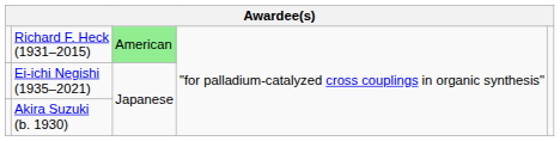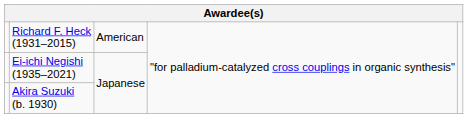 <table class="wikitable">
 <tr>
 <th colspan="5">Awardee(s)</th>
 </tr>
 <tr>
 <td></td>
 <td><a href='#'>Richard F. Heck</a><br>(1931–2015)</td>
-<td style="background: lightgreen;"> American</td>
+<td> American</td>
 <td rowspan="3">"for palladium-catalyzed <a href='#'>cross couplings</a> in organic synthesis"</td>
 <td rowspan="3"></td>
 </tr>
 <tr>
 <td></td>
 <td><a href='#'>Ei-ichi Negishi</a><br>(1935–2021)</td>
 <td rowspan="2"> Japanese</td>
 </tr>
 <tr>
 <td></td>
 <td><a href='#'>Akira Suzuki</a><br>(b. 1930)</td>
 </tr>
 </table>
